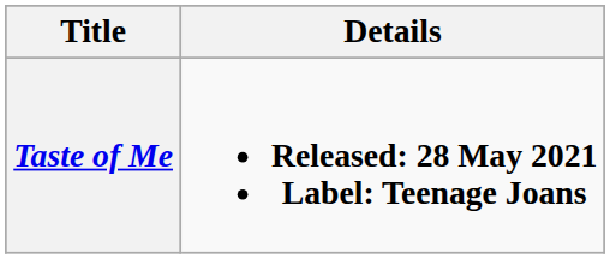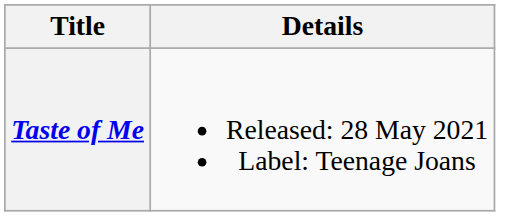 <table class="wikitable plainrowheaders" style="text-align:center;" border="1">
 <tr>
 <th>Title</th>
 <th>Details</th>
 </tr>
 <tr>
 <th scope="row"><em><a href='#'>Taste of Me</a></em></th>
-<td><strong><br><ul><li>Released: 28 May 2021</li><li>Label: Teenage Joans</li></ul></strong></td>
+<td><br><ul><li>Released: 28 May 2021</li><li>Label: Teenage Joans</li></ul></td>
 </tr>
 </table>
